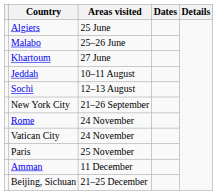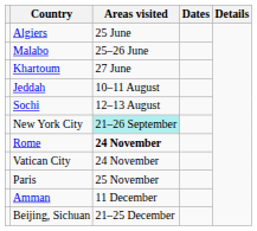 <table class="wikitable sortable">
 <tr>
 <th></th>
 <th>Country</th>
 <th>Areas visited</th>
 <th>Dates</th>
 <th class="unsortable">Details</th>
 </tr>
 <tr>
 <td></td>
 <td><a href='#'>Algiers</a></td>
 <td>25 June</td>
 <td></td>
 </tr>
 <tr>
 <td></td>
 <td><a href='#'>Malabo</a></td>
 <td>25–26 June</td>
 <td></td>
 </tr>
 <tr>
 <td></td>
 <td><a href='#'>Khartoum</a></td>
 <td>27 June</td>
 <td></td>
 </tr>
 <tr>
 <td></td>
 <td><a href='#'>Jeddah</a></td>
 <td>10–11 August</td>
 <td></td>
 </tr>
 <tr>
 <td></td>
 <td><a href='#'>Sochi</a></td>
 <td>12–13 August</td>
 <td></td>
 </tr>
 <tr>
 <td></td>
 <td>New York City</td>
-<td>21–26 September</td>
+<td style="background: paleturquoise;">21–26 September</td>
 <td></td>
 </tr>
 <tr>
 <td></td>
 <td><a href='#'>Rome</a></td>
-<td>24 November</td>
+<td><strong>24 November</strong></td>
 <td></td>
 </tr>
 <tr>
 <td></td>
 <td>Vatican City</td>
 <td>24 November</td>
 <td></td>
 </tr>
 <tr>
 <td></td>
 <td>Paris</td>
 <td>25 November</td>
 <td></td>
 </tr>
 <tr>
 <td></td>
 <td><a href='#'>Amman</a></td>
 <td>11 December</td>
 <td></td>
 </tr>
 <tr>
 <td></td>
 <td>Beijing, Sichuan</td>
 <td>21–25 December</td>
 <td></td>
 </tr>
 </table>
